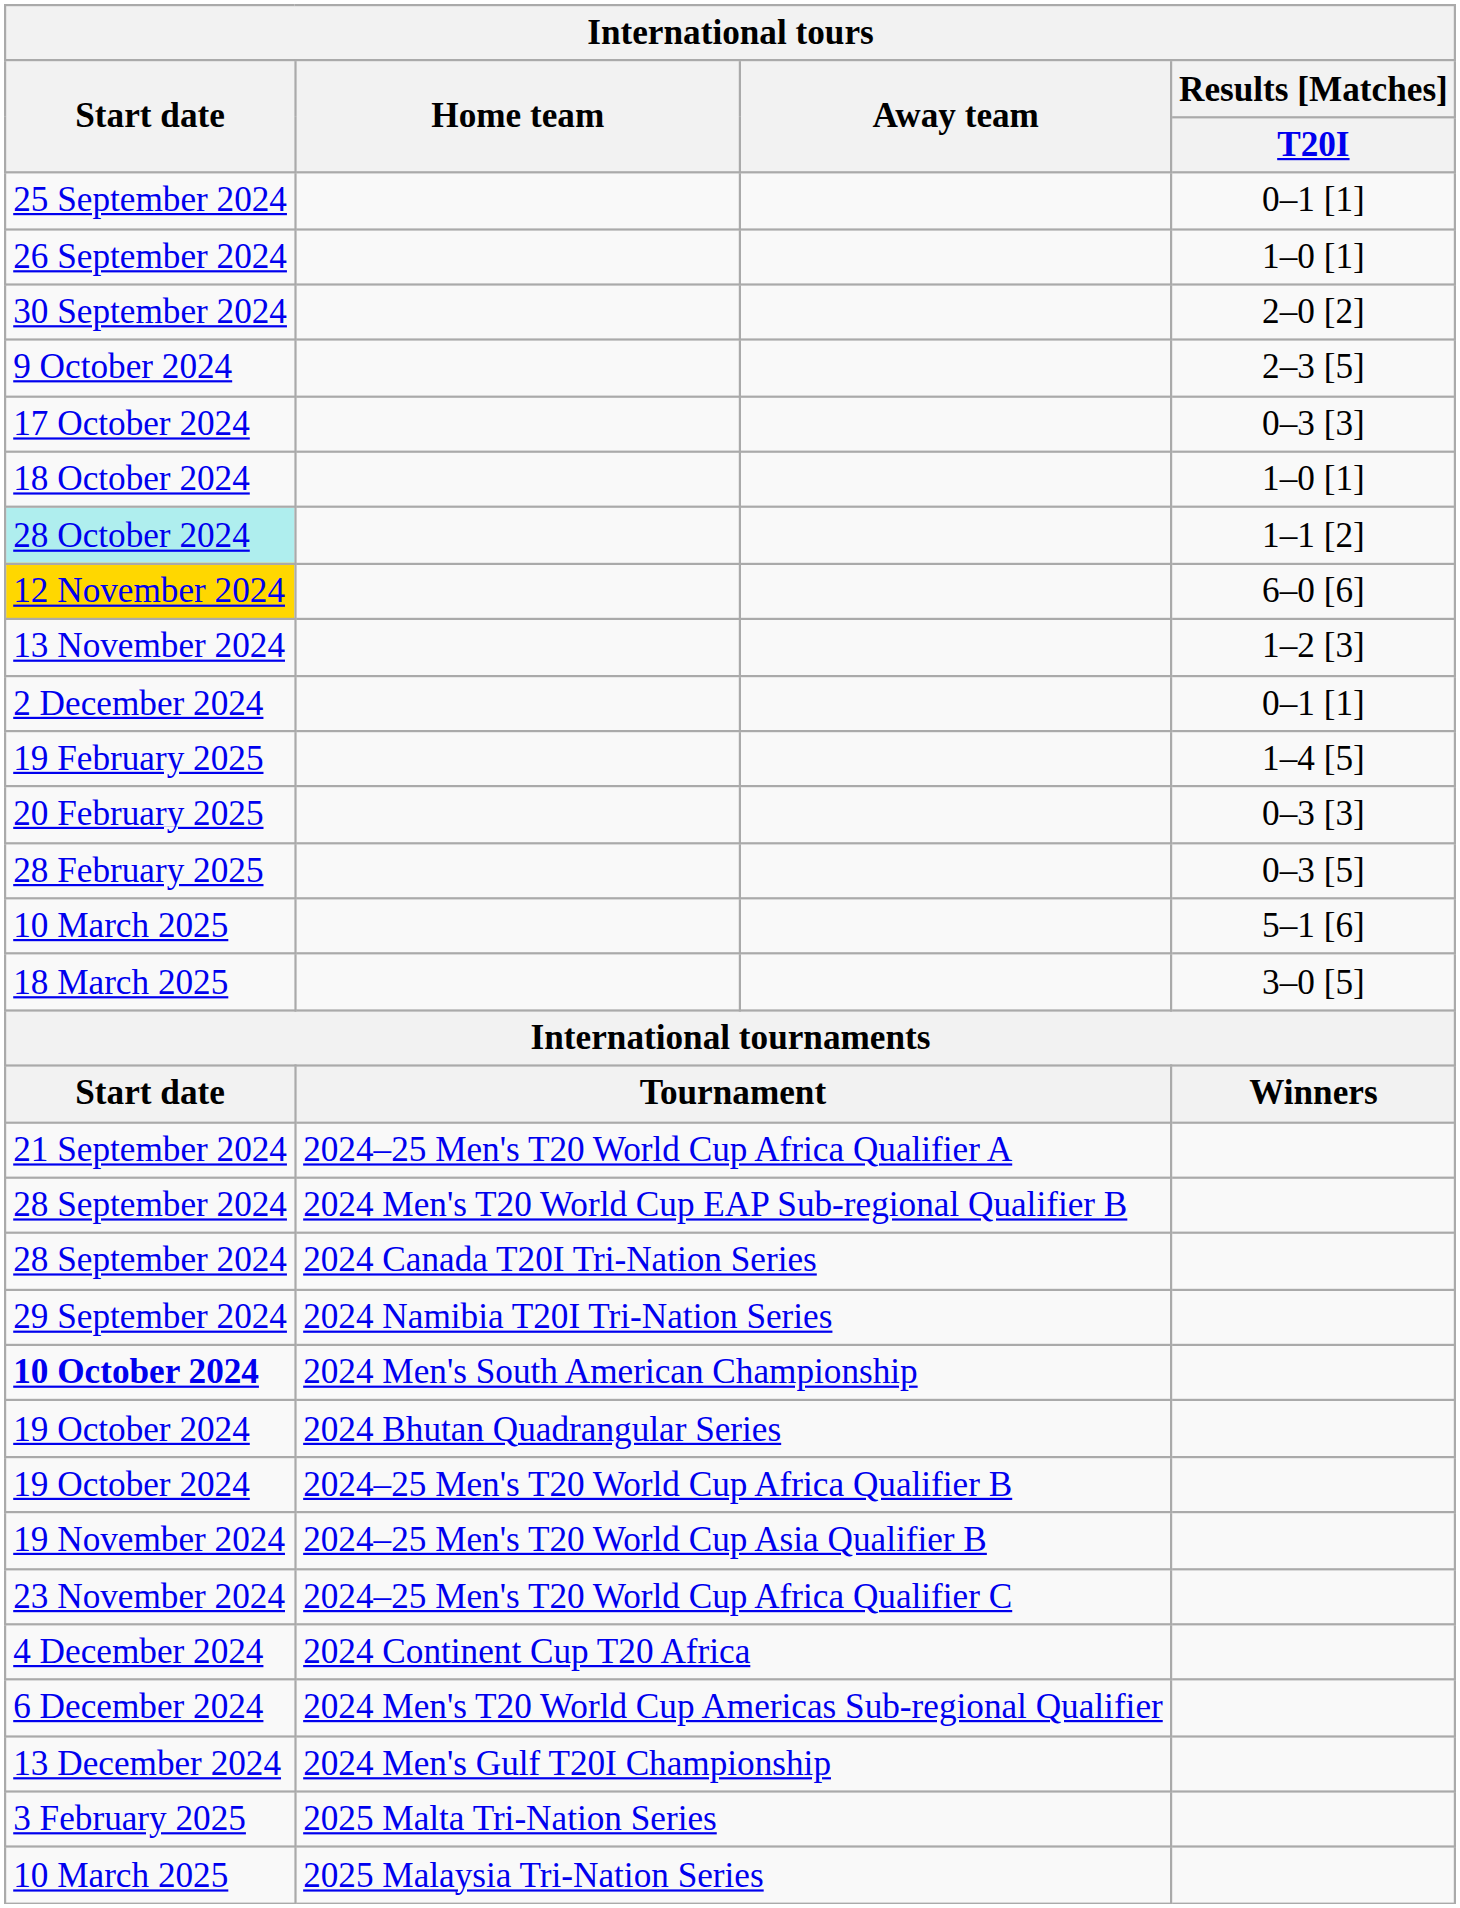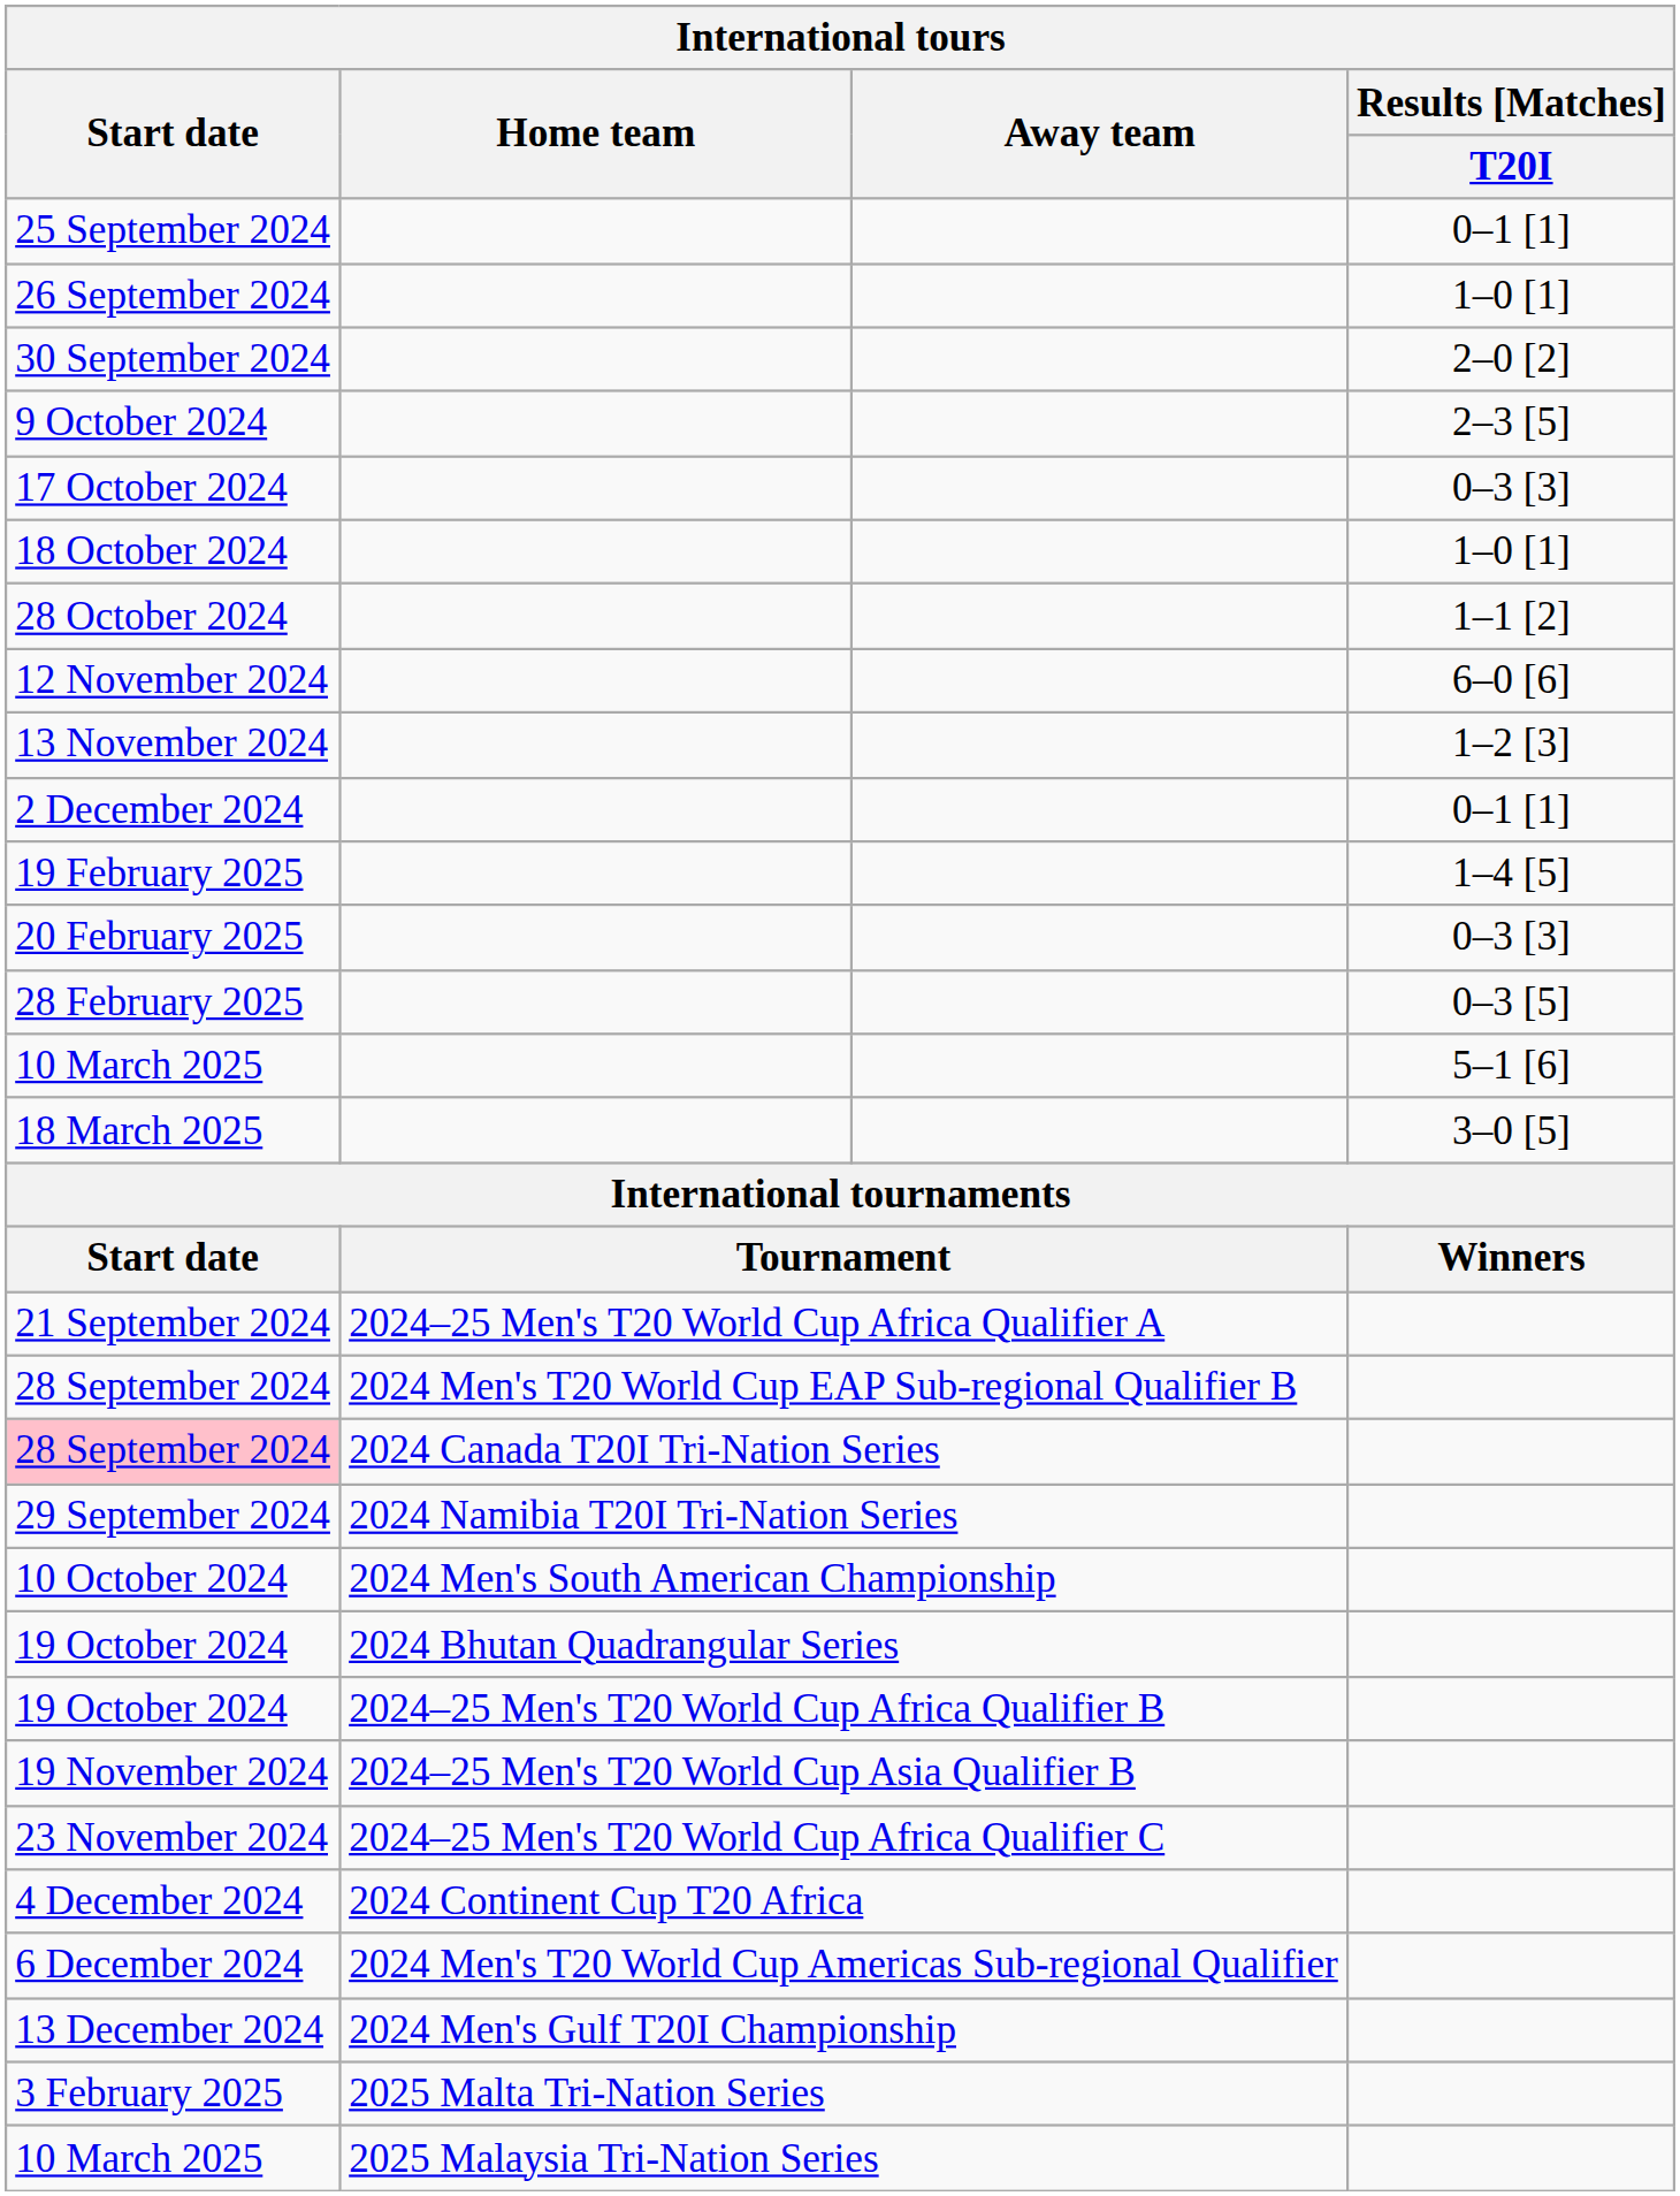 <table class="wikitable" style="text-align:center;">
 <tr>
 <th colspan=4>International tours</th>
 </tr>
 <tr>
 <th rowspan=2>Start date</th>
 <th rowspan=2>Home team</th>
 <th rowspan=2>Away team</th>
 <th>Results [Matches]</th>
 </tr>
 <tr>
 <th><a href='#'>T20I</a></th>
 </tr>
 <tr>
 <td style="text-align:left"><a href='#'>25 September 2024</a></td>
 <td style="text-align:left"> </td>
 <td style="text-align:left"></td>
 <td colspan=3>0–1 [1]</td>
 </tr>
 <tr>
 <td style="text-align:left"><a href='#'>26 September 2024</a></td>
 <td style="text-align:left"> </td>
 <td style="text-align:left"></td>
 <td colspan=3>1–0 [1]</td>
 </tr>
 <tr>
 <td style="text-align:left"><a href='#'>30 September 2024</a></td>
 <td style="text-align:left"></td>
 <td style="text-align:left"></td>
 <td colspan=3>2–0 [2]</td>
 </tr>
 <tr>
 <td style="text-align:left"><a href='#'>9 October 2024</a></td>
 <td style="text-align:left"></td>
 <td style="text-align:left"></td>
 <td colspan=3>2–3 [5]</td>
 </tr>
 <tr>
 <td style="text-align:left"><a href='#'>17 October 2024</a></td>
 <td style="text-align:left"></td>
 <td style="text-align:left"></td>
 <td colspan=3>0–3 [3]</td>
 </tr>
 <tr>
 <td style="text-align:left"><a href='#'>18 October 2024</a></td>
 <td style="text-align:left"></td>
 <td style="text-align:left"></td>
 <td colspan=3>1–0 [1]</td>
 </tr>
 <tr>
-<td style="background: paleturquoise; text-align:left"><a href='#'>28 October 2024</a></td>
+<td style="text-align:left"><a href='#'>28 October 2024</a></td>
 <td style="text-align:left"></td>
 <td style="text-align:left"></td>
 <td colspan=3>1–1 [2]</td>
 </tr>
 <tr>
-<td style="background: gold; text-align:left"><a href='#'>12 November 2024</a></td>
+<td style="text-align:left"><a href='#'>12 November 2024</a></td>
 <td style="text-align:left"></td>
 <td style="text-align:left"></td>
 <td colspan=3>6–0 [6]</td>
 </tr>
 <tr>
 <td style="text-align:left"><a href='#'>13 November 2024</a></td>
 <td style="text-align:left"></td>
 <td style="text-align:left"></td>
 <td colspan=3>1–2 [3]</td>
 </tr>
 <tr>
 <td style="text-align:left"><a href='#'>2 December 2024</a></td>
 <td style="text-align:left"></td>
 <td style="text-align:left"></td>
 <td colspan=3>0–1 [1]</td>
 </tr>
 <tr>
 <td style="text-align:left"><a href='#'>19 February 2025</a></td>
 <td style="text-align:left"></td>
 <td style="text-align:left"></td>
 <td colspan=3>1–4 [5]</td>
 </tr>
 <tr>
 <td style="text-align:left"><a href='#'>20 February 2025</a></td>
 <td style="text-align:left"></td>
 <td style="text-align:left"></td>
 <td colspan=3>0–3 [3]</td>
 </tr>
 <tr>
 <td style="text-align:left"><a href='#'>28 February 2025</a></td>
 <td style="text-align:left"></td>
 <td style="text-align:left"></td>
 <td colspan=3>0–3 [5]</td>
 </tr>
 <tr>
 <td style="text-align:left"><a href='#'>10 March 2025</a></td>
 <td style="text-align:left"></td>
 <td style="text-align:left"></td>
 <td colspan=3>5–1 [6]</td>
 </tr>
 <tr>
 <td style="text-align:left"><a href='#'>18 March 2025</a></td>
 <td style="text-align:left"></td>
 <td style="text-align:left"></td>
 <td colspan=3>3–0 [5]</td>
 </tr>
 <tr>
 <th colspan=4>International tournaments</th>
 </tr>
 <tr>
 <th>Start date</th>
 <th colspan=2>Tournament</th>
 <th>Winners</th>
 </tr>
 <tr>
 <td style="text-align:left"><a href='#'>21 September 2024</a></td>
 <td colspan="2" style="text-align:left"> <a href='#'>2024–25 Men's T20 World Cup Africa Qualifier A</a></td>
 <td style="text-align:left"></td>
 </tr>
 <tr>
 <td style="text-align:left"><a href='#'>28 September 2024</a></td>
 <td colspan="2" style="text-align:left"> <a href='#'>2024 Men's T20 World Cup EAP Sub-regional Qualifier B</a></td>
 <td style="text-align:left"></td>
 </tr>
 <tr>
-<td style="text-align:left"><a href='#'>28 September 2024</a></td>
+<td style="background: pink; text-align:left"><a href='#'>28 September 2024</a></td>
 <td colspan="2" style="text-align:left"> <a href='#'>2024 Canada T20I Tri-Nation Series</a></td>
 <td style="text-align:left"></td>
 </tr>
 <tr>
 <td style="text-align:left"><a href='#'>29 September 2024</a></td>
 <td colspan="2" style="text-align:left"> <a href='#'>2024 Namibia T20I Tri-Nation Series</a></td>
 <td style="text-align:left"></td>
 </tr>
 <tr>
-<td style="text-align:left"><strong><a href='#'>10 October 2024</a></strong></td>
+<td style="text-align:left"><a href='#'>10 October 2024</a></td>
 <td style="text-align:left" colspan=2> <a href='#'>2024 Men's South American Championship</a></td>
 <td style="text-align:left"></td>
 </tr>
 <tr>
 <td style="text-align:left"><a href='#'>19 October 2024</a></td>
 <td colspan="2" style="text-align:left"> <a href='#'>2024 Bhutan Quadrangular Series</a></td>
 <td style="text-align:left"></td>
 </tr>
 <tr>
 <td style="text-align:left"><a href='#'>19 October 2024</a></td>
 <td colspan="2" style="text-align:left"> <a href='#'>2024–25 Men's T20 World Cup Africa Qualifier B</a></td>
 <td style="text-align:left"></td>
 </tr>
 <tr>
 <td style="text-align:left"><a href='#'>19 November 2024</a></td>
 <td colspan="2" style="text-align:left"> <a href='#'>2024–25 Men's T20 World Cup Asia Qualifier B</a></td>
 <td style="text-align:left"></td>
 </tr>
 <tr>
 <td style="text-align:left"><a href='#'>23 November 2024</a></td>
 <td colspan="2" style="text-align:left"> <a href='#'>2024–25 Men's T20 World Cup Africa Qualifier C</a></td>
 <td style="text-align:left"></td>
 </tr>
 <tr>
 <td style="text-align:left"><a href='#'>4 December 2024</a></td>
 <td style="text-align:left" colspan=2> <a href='#'>2024 Continent Cup T20 Africa</a></td>
 <td style="text-align:left"></td>
 </tr>
 <tr>
 <td style="text-align:left"><a href='#'>6 December 2024</a></td>
 <td colspan="2" style="text-align:left"> <a href='#'>2024 Men's T20 World Cup Americas Sub-regional Qualifier</a></td>
 <td style="text-align:left"></td>
 </tr>
 <tr>
 <td style="text-align:left"><a href='#'>13 December 2024</a></td>
 <td style="text-align:left" colspan=2> <a href='#'>2024 Men's Gulf T20I Championship</a></td>
 <td style="text-align:left"></td>
 </tr>
 <tr>
 <td style="text-align:left"><a href='#'>3 February 2025</a></td>
 <td colspan="2" style="text-align:left"> <a href='#'>2025 Malta Tri-Nation Series</a></td>
 <td style="text-align:left"></td>
 </tr>
 <tr>
 <td style="text-align:left"><a href='#'>10 March 2025</a></td>
 <td colspan="2" style="text-align:left"> <a href='#'>2025 Malaysia Tri-Nation Series</a></td>
 <td style="text-align:left"></td>
 </tr>
 </table>
